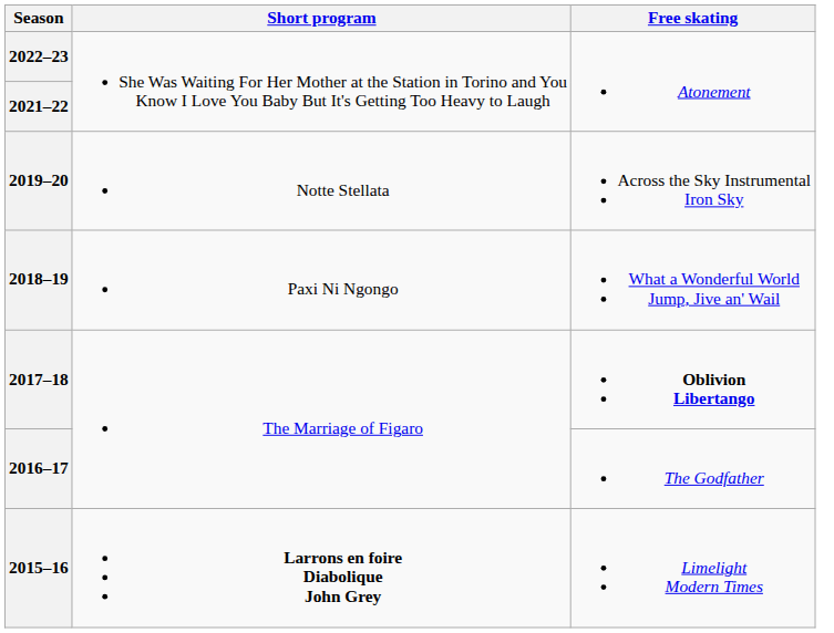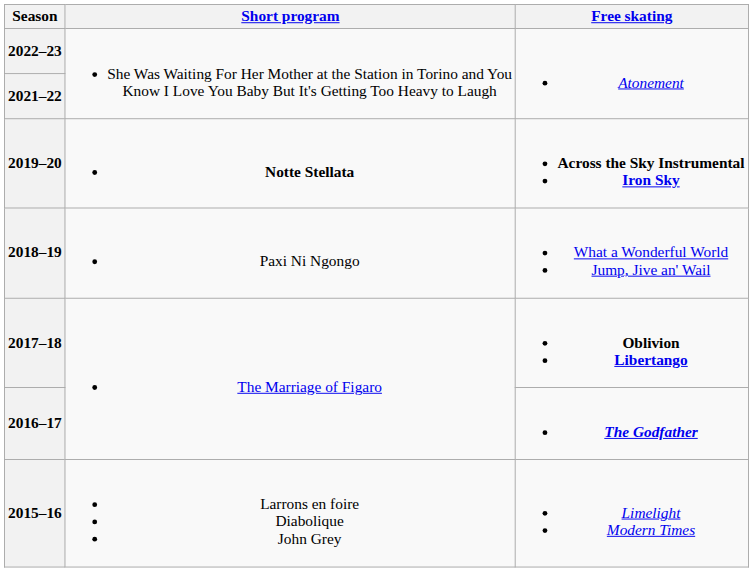 <table class=wikitable style=text-align:center>
 <tr>
 <th>Season</th>
 <th><a href='#'>Short program</a></th>
 <th><a href='#'>Free skating</a></th>
 </tr>
 <tr>
 <th>2022–23 <br> </th>
 <td rowspan=2><br><ul><li>She Was Waiting For Her Mother at the Station in Torino and You<br>Know I Love You Baby But It's Getting Too Heavy to Laugh <br></li></ul></td>
 <td rowspan=2><br><ul><li><em><a href='#'>Atonement</a></em> <br> </li></ul></td>
 </tr>
 <tr>
 <th>2021–22 <br> </th>
 </tr>
 <tr>
 <th>2019–20 <br> </th>
-<td><br><ul><li>Notte Stellata <br></li></ul></td>
-<td><br><ul><li>Across the Sky Instrumental <br></li><li><a href='#'>Iron Sky</a> <br> </li></ul></td>
+<td><strong><br><ul><li>Notte Stellata <br></li></ul></strong></td>
+<td><strong><br><ul><li>Across the Sky Instrumental <br></li><li><a href='#'>Iron Sky</a> <br> </li></ul></strong></td>
 </tr>
 <tr>
 <th>2018–19 <br> </th>
 <td><br><ul><li>Paxi Ni Ngongo <br></li></ul></td>
 <td><br><ul><li><a href='#'>What a Wonderful World</a> <br></li><li><a href='#'>Jump, Jive an' Wail</a> <br> </li></ul></td>
 </tr>
 <tr>
 <th>2017–18 <br> </th>
 <td rowspan=2><br><ul><li><a href='#'>The Marriage of Figaro</a> <br></li></ul></td>
 <td><strong><br><ul><li>Oblivion</li><li><a href='#'>Libertango</a> <br></li></ul></strong></td>
 </tr>
 <tr>
 <th>2016–17 <br> </th>
-<td><br><ul><li><em><a href='#'>The Godfather</a></em> <br></li></ul></td>
+<td><strong><br><ul><li><em><a href='#'>The Godfather</a></em> <br></li></ul></strong></td>
 </tr>
 <tr>
 <th>2015–16 <br> </th>
-<td><strong><br><ul><li>Larrons en foire <br></li><li>Diabolique <br></li><li>John Grey <br></li></ul></strong></td>
+<td><br><ul><li>Larrons en foire <br></li><li>Diabolique <br></li><li>John Grey <br></li></ul></td>
 <td><br><ul><li><em><a href='#'>Limelight</a></em></li><li><em><a href='#'>Modern Times</a></em> <br></li></ul></td>
 </tr>
 </table>
